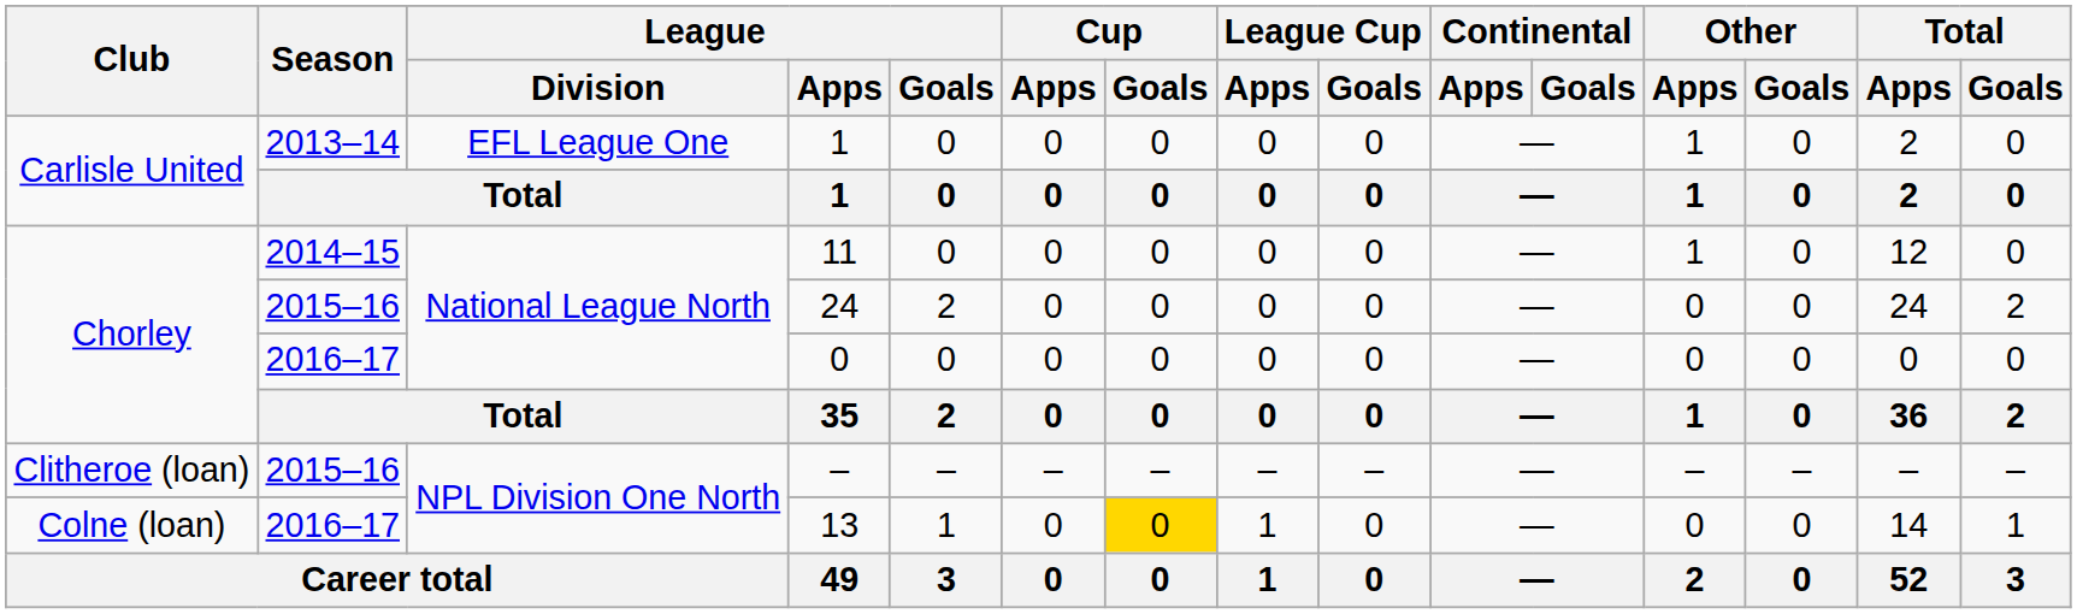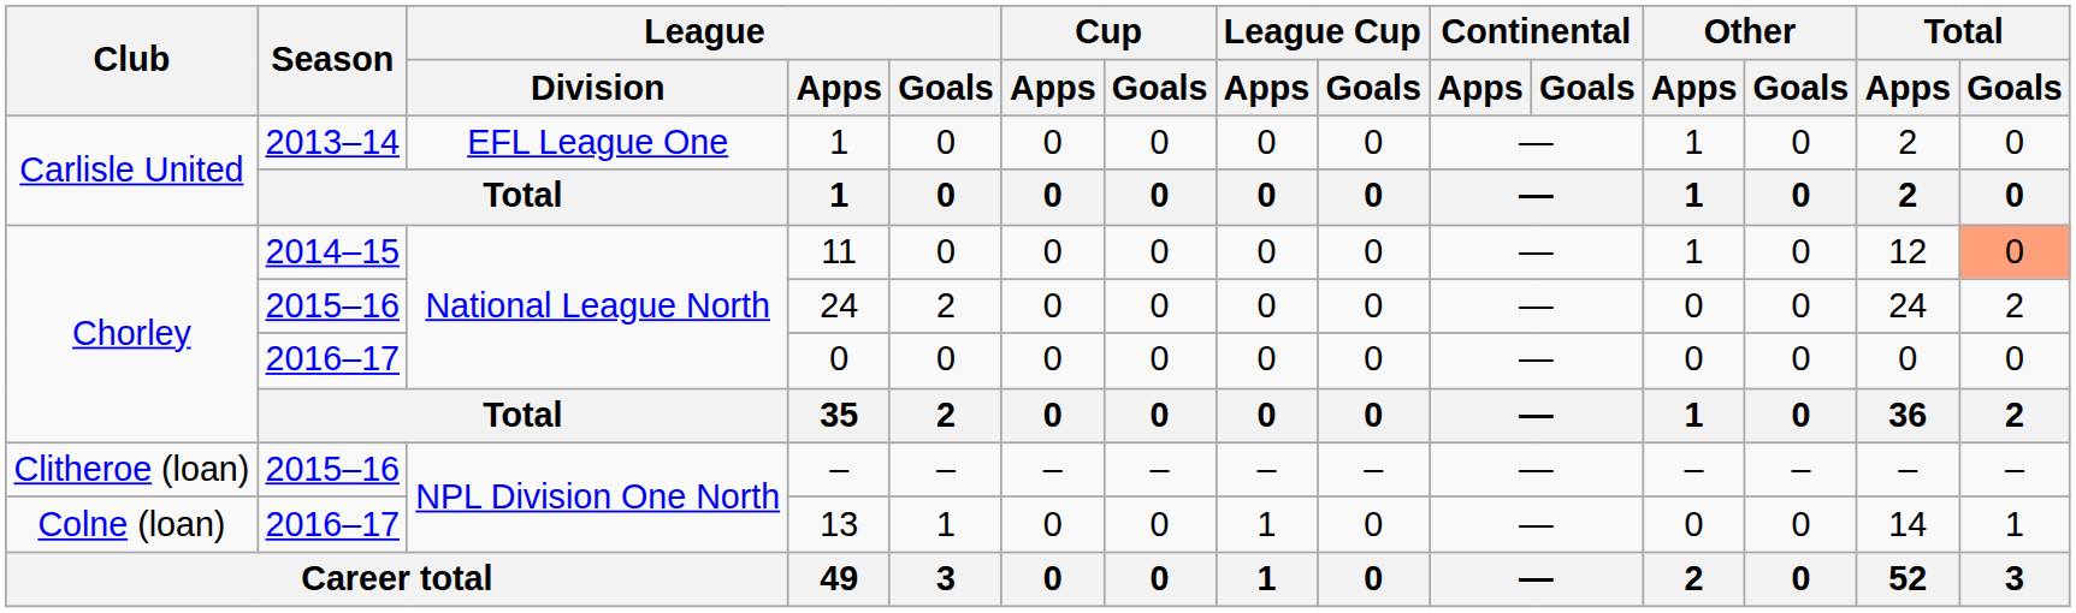 <table class="wikitable" style="text-align:center">
 <tr>
 <th rowspan="2">Club</th>
 <th rowspan="2">Season</th>
 <th colspan="3">League</th>
 <th colspan="2">Cup</th>
 <th colspan="2">League Cup</th>
 <th colspan="2">Continental</th>
 <th colspan="2">Other</th>
 <th colspan="2">Total</th>
 </tr>
 <tr>
 <th>Division</th>
 <th>Apps</th>
 <th>Goals</th>
 <th>Apps</th>
 <th>Goals</th>
 <th>Apps</th>
 <th>Goals</th>
 <th>Apps</th>
 <th>Goals</th>
 <th>Apps</th>
 <th>Goals</th>
 <th>Apps</th>
 <th>Goals</th>
 </tr>
 <tr>
 <td rowspan="2"><a href='#'>Carlisle United</a></td>
 <td><a href='#'>2013–14</a></td>
 <td rowspan="1"><a href='#'>EFL League One</a></td>
 <td>1</td>
 <td>0</td>
 <td>0</td>
 <td>0</td>
 <td>0</td>
 <td>0</td>
 <td colspan="2">—</td>
 <td>1</td>
 <td>0</td>
 <td>2</td>
 <td>0</td>
 </tr>
 <tr>
 <th colspan="2">Total</th>
 <th>1</th>
 <th>0</th>
 <th>0</th>
 <th>0</th>
 <th>0</th>
 <th>0</th>
 <th colspan="2">—</th>
 <th>1</th>
 <th>0</th>
 <th>2</th>
 <th>0</th>
 </tr>
 <tr>
 <td rowspan="4"><a href='#'>Chorley</a></td>
 <td><a href='#'>2014–15</a></td>
 <td rowspan="3"><a href='#'>National League North</a></td>
 <td>11</td>
 <td>0</td>
 <td>0</td>
 <td>0</td>
 <td>0</td>
 <td>0</td>
 <td colspan="2">—</td>
 <td>1</td>
 <td>0</td>
 <td>12</td>
-<td>0</td>
+<td style="background: lightsalmon;">0</td>
 </tr>
 <tr>
 <td><a href='#'>2015–16</a></td>
 <td>24</td>
 <td>2</td>
 <td>0</td>
 <td>0</td>
 <td>0</td>
 <td>0</td>
 <td colspan="2">—</td>
 <td>0</td>
 <td>0</td>
 <td>24</td>
 <td>2</td>
 </tr>
 <tr>
 <td><a href='#'>2016–17</a></td>
 <td>0</td>
 <td>0</td>
 <td>0</td>
 <td>0</td>
 <td>0</td>
 <td>0</td>
 <td colspan="2">—</td>
 <td>0</td>
 <td>0</td>
 <td>0</td>
 <td>0</td>
 </tr>
 <tr>
 <th colspan="2">Total</th>
 <th>35</th>
 <th>2</th>
 <th>0</th>
 <th>0</th>
 <th>0</th>
 <th>0</th>
 <th colspan="2">—</th>
 <th>1</th>
 <th>0</th>
 <th>36</th>
 <th>2</th>
 </tr>
 <tr>
 <td rowspan="1"><a href='#'>Clitheroe</a> (loan)</td>
 <td><a href='#'>2015–16</a></td>
 <td rowspan="2"><a href='#'>NPL Division One North</a></td>
 <td>–</td>
 <td>–</td>
 <td>–</td>
 <td>–</td>
 <td>–</td>
 <td>–</td>
 <td colspan="2">—</td>
 <td>–</td>
 <td>–</td>
 <td>–</td>
 <td>–</td>
 </tr>
 <tr>
 <td rowspan="1"><a href='#'>Colne</a> (loan)</td>
 <td><a href='#'>2016–17</a></td>
 <td>13</td>
 <td>1</td>
 <td>0</td>
-<td style="background: gold;">0</td>
+<td>0</td>
 <td>1</td>
 <td>0</td>
 <td colspan="2">—</td>
 <td>0</td>
 <td>0</td>
 <td>14</td>
 <td>1</td>
 </tr>
 <tr>
 <th colspan="3">Career total</th>
 <th>49</th>
 <th>3</th>
 <th>0</th>
 <th>0</th>
 <th>1</th>
 <th>0</th>
 <th colspan="2">—</th>
 <th>2</th>
 <th>0</th>
 <th>52</th>
 <th>3</th>
 </tr>
 </table>
